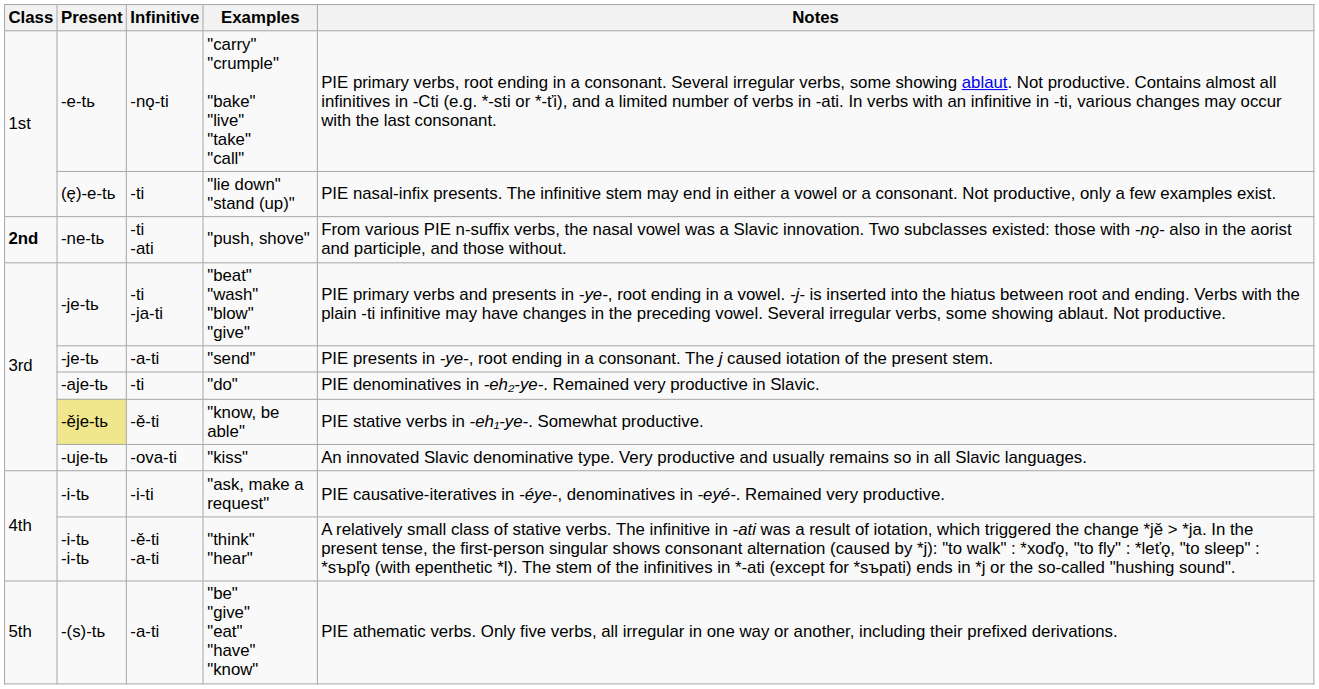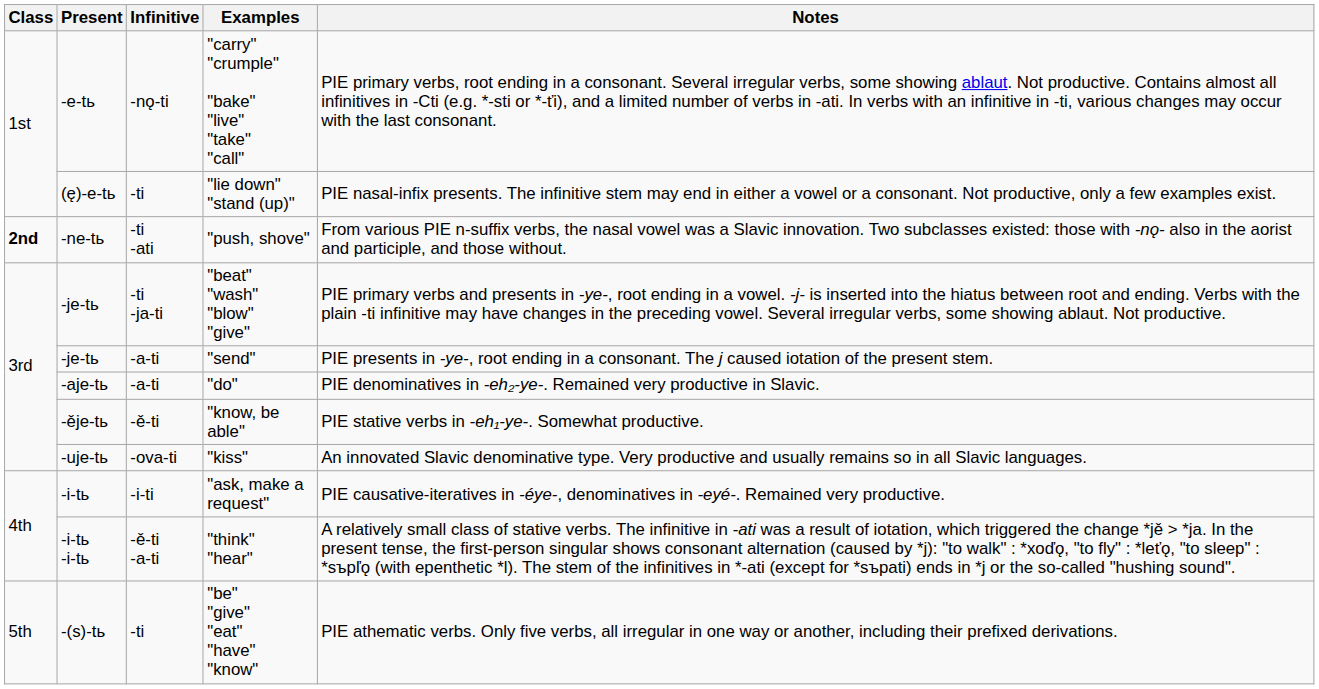 <table class="wikitable">
 <tr>
 <th>Class</th>
 <th>Present</th>
 <th>Infinitive</th>
 <th>Examples</th>
 <th>Notes</th>
 </tr>
 <tr>
 <td rowspan="2">1st</td>
 <td>-e-tь</td>
 <td>-nǫ-ti</td>
 <td> "carry"<br> "crumple"<br><br> "bake"<br> "live"<br> "take"<br> "call"</td>
 <td>PIE primary verbs, root ending in a consonant. Several irregular verbs, some showing <a href='#'>ablaut</a>. Not productive. Contains almost all infinitives in -Cti (e.g. *-sti or *-ťi), and a limited number of verbs in -ati. In verbs with an infinitive in -ti, various changes may occur with the last consonant.</td>
 </tr>
 <tr>
 <td>(ę)-e-tь</td>
 <td>-ti</td>
 <td> "lie down"<br> "stand (up)"</td>
 <td>PIE nasal-infix presents. The infinitive stem may end in either a vowel or a consonant. Not productive, only a few examples exist.</td>
 </tr>
 <tr>
 <td><strong>2nd</strong></td>
 <td>-ne-tь</td>
 <td>-ti<br>-ati</td>
 <td> "push, shove"</td>
 <td>From various PIE n-suffix verbs, the nasal vowel was a Slavic innovation. Two subclasses existed: those with <em>-nǫ-</em> also in the aorist and participle, and those without.</td>
 </tr>
 <tr>
 <td rowspan="5">3rd</td>
 <td>-je-tь</td>
 <td>-ti<br>-ja-ti</td>
 <td> "beat"<br> "wash"<br> "blow"<br> "give"</td>
 <td>PIE primary verbs and presents in <em>-ye-</em>, root ending in a vowel. <em>-j-</em> is inserted into the hiatus between root and ending. Verbs with the plain -ti infinitive may have changes in the preceding vowel. Several irregular verbs, some showing ablaut. Not productive.</td>
 </tr>
 <tr>
 <td>-je-tь</td>
 <td>-a-ti</td>
 <td> "send"</td>
 <td>PIE presents in <em>-ye-</em>, root ending in a consonant. The <em>j</em> caused iotation of the present stem.</td>
 </tr>
 <tr>
 <td>-aje-tь</td>
-<td>-ti</td>
+<td>-a-ti</td>
 <td> "do"</td>
 <td>PIE denominatives in <em>-eh₂-ye-</em>. Remained very productive in Slavic.</td>
 </tr>
 <tr>
-<td style="background: khaki;">-ěje-tь</td>
+<td>-ěje-tь</td>
 <td>-ě-ti</td>
 <td> "know, be able"</td>
 <td>PIE stative verbs in <em>-eh₁-ye-</em>. Somewhat productive.</td>
 </tr>
 <tr>
 <td>-uje-tь</td>
 <td>-ova-ti</td>
 <td> "kiss"</td>
 <td>An innovated Slavic denominative type. Very productive and usually remains so in all Slavic languages.</td>
 </tr>
 <tr>
 <td rowspan="2">4th</td>
 <td>-i-tь</td>
 <td>-i-ti</td>
 <td> "ask, make a request"</td>
 <td>PIE causative-iteratives in <em>-éye-</em>, denominatives in <em>-eyé-</em>. Remained very productive.</td>
 </tr>
 <tr>
 <td>-i-tь<br>-i-tь</td>
 <td>-ě-ti<br>-a-ti</td>
 <td> "think"<br> "hear"</td>
 <td>A relatively small class of stative verbs. The infinitive in <em>-ati</em> was a result of iotation, which triggered the change *jě > *ja. In the present tense, the first-person singular shows consonant alternation (caused by *j):  "to walk" : *xoďǫ,  "to fly" : *leťǫ,  "to sleep" : *sъpľǫ (with epenthetic *l). The stem of the infinitives in *-ati (except for *sъpati) ends in *j or the so-called "hushing sound".</td>
 </tr>
 <tr>
 <td>5th</td>
 <td>-(s)-tь</td>
-<td>-a-ti</td>
+<td>-ti</td>
 <td> "be"<br> "give"<br> "eat"<br> "have"<br> "know"</td>
 <td>PIE athematic verbs. Only five verbs, all irregular in one way or another, including their prefixed derivations.</td>
 </tr>
 </table>
